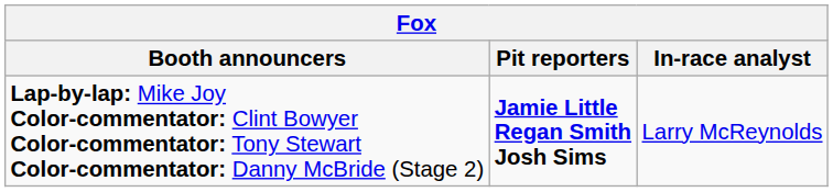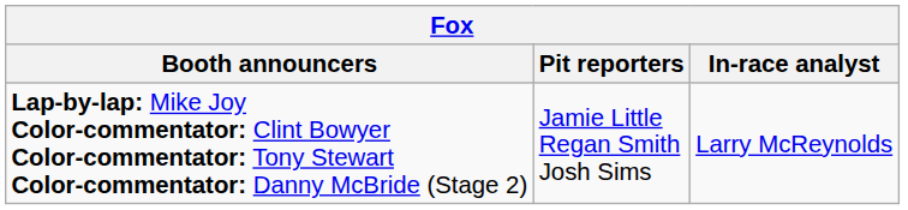 <table class="wikitable" style="font-size: 95%">
 <tr>
 <th colspan="3"><a href='#'>Fox</a></th>
 </tr>
 <tr>
 <th>Booth announcers</th>
 <th>Pit reporters</th>
 <th>In-race analyst</th>
 </tr>
 <tr>
 <td><strong>Lap-by-lap:</strong> <a href='#'>Mike Joy</a><br><strong>Color-commentator:</strong> <a href='#'>Clint Bowyer</a><br><strong>Color-commentator:</strong> <a href='#'>Tony Stewart</a><br><strong>Color-commentator:</strong> <a href='#'>Danny McBride</a> (Stage 2)</td>
-<td><strong><a href='#'>Jamie Little</a><br><a href='#'>Regan Smith</a><br>Josh Sims</strong></td>
+<td><a href='#'>Jamie Little</a><br><a href='#'>Regan Smith</a><br>Josh Sims</td>
 <td><a href='#'>Larry McReynolds</a></td>
 </tr>
 </table>
